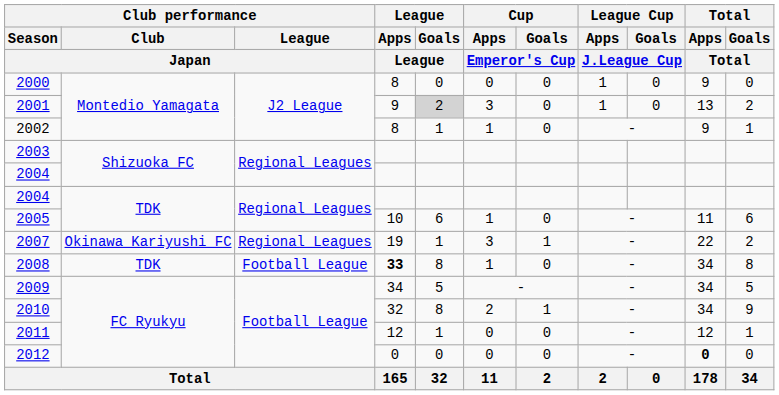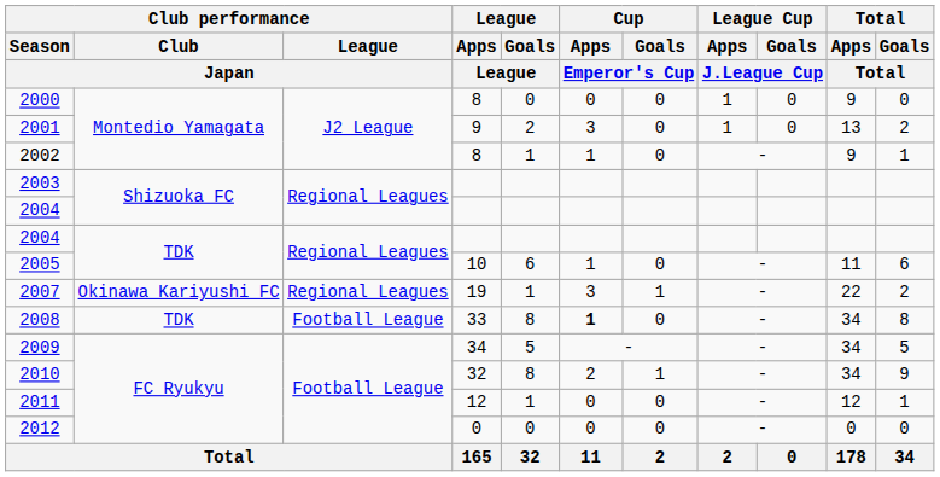 <table class="wikitable" style="text-align:center;">
 <tr>
 <th colspan=3>Club performance</th>
 <th colspan=2>League</th>
 <th colspan=2>Cup</th>
 <th colspan=2>League Cup</th>
 <th colspan=2>Total</th>
 </tr>
 <tr>
 <th>Season</th>
 <th>Club</th>
 <th>League</th>
 <th>Apps</th>
 <th>Goals</th>
 <th>Apps</th>
 <th>Goals</th>
 <th>Apps</th>
 <th>Goals</th>
 <th>Apps</th>
 <th>Goals</th>
 </tr>
 <tr>
 <th colspan=3>Japan</th>
 <th colspan=2>League</th>
 <th colspan=2><a href='#'>Emperor's Cup</a></th>
 <th colspan=2><a href='#'>J.League Cup</a></th>
 <th colspan=2>Total</th>
 </tr>
 <tr>
 <td><a href='#'>2000</a></td>
 <td rowspan="3"><a href='#'>Montedio Yamagata</a></td>
 <td rowspan="3"><a href='#'>J2 League</a></td>
 <td>8</td>
 <td>0</td>
 <td>0</td>
 <td>0</td>
 <td>1</td>
 <td>0</td>
 <td>9</td>
 <td>0</td>
 </tr>
 <tr>
 <td><a href='#'>2001</a></td>
 <td>9</td>
-<td style="background: lightgrey;">2</td>
+<td>2</td>
 <td>3</td>
 <td>0</td>
 <td>1</td>
 <td>0</td>
 <td>13</td>
 <td>2</td>
 </tr>
 <tr>
 <td>2002</td>
 <td>8</td>
 <td>1</td>
 <td>1</td>
 <td>0</td>
 <td colspan="2">-</td>
 <td>9</td>
 <td>1</td>
 </tr>
 <tr>
 <td><a href='#'>2003</a></td>
 <td rowspan="2"><a href='#'>Shizuoka FC</a></td>
 <td rowspan="2"><a href='#'>Regional Leagues</a></td>
 <td></td>
 <td></td>
 <td></td>
 <td></td>
 <td></td>
 <td></td>
 <td></td>
 <td></td>
 </tr>
 <tr>
 <td><a href='#'>2004</a></td>
 <td></td>
 <td></td>
 <td></td>
 <td></td>
 <td></td>
 <td></td>
 <td></td>
 <td></td>
 </tr>
 <tr>
 <td><a href='#'>2004</a></td>
 <td rowspan="2"><a href='#'>TDK</a></td>
 <td rowspan="2"><a href='#'>Regional Leagues</a></td>
 <td></td>
 <td></td>
 <td></td>
 <td></td>
 <td></td>
 <td></td>
 <td></td>
 <td></td>
 </tr>
 <tr>
 <td><a href='#'>2005</a></td>
 <td>10</td>
 <td>6</td>
 <td>1</td>
 <td>0</td>
 <td colspan="2">-</td>
 <td>11</td>
 <td>6</td>
 </tr>
 <tr>
 <td><a href='#'>2007</a></td>
 <td><a href='#'>Okinawa Kariyushi FC</a></td>
 <td><a href='#'>Regional Leagues</a></td>
 <td>19</td>
 <td>1</td>
 <td>3</td>
 <td>1</td>
 <td colspan="2">-</td>
 <td>22</td>
 <td>2</td>
 </tr>
 <tr>
 <td><a href='#'>2008</a></td>
 <td><a href='#'>TDK</a></td>
 <td><a href='#'>Football League</a></td>
-<td><strong>33</strong></td>
+<td>33</td>
 <td>8</td>
-<td>1</td>
+<td><strong>1</strong></td>
 <td>0</td>
 <td colspan="2">-</td>
 <td>34</td>
 <td>8</td>
 </tr>
 <tr>
 <td><a href='#'>2009</a></td>
 <td rowspan="4"><a href='#'>FC Ryukyu</a></td>
 <td rowspan="4"><a href='#'>Football League</a></td>
 <td>34</td>
 <td>5</td>
 <td colspan="2">-</td>
 <td colspan="2">-</td>
 <td>34</td>
 <td>5</td>
 </tr>
 <tr>
 <td><a href='#'>2010</a></td>
 <td>32</td>
 <td>8</td>
 <td>2</td>
 <td>1</td>
 <td colspan="2">-</td>
 <td>34</td>
 <td>9</td>
 </tr>
 <tr>
 <td><a href='#'>2011</a></td>
 <td>12</td>
 <td>1</td>
 <td>0</td>
 <td>0</td>
 <td colspan="2">-</td>
 <td>12</td>
 <td>1</td>
 </tr>
 <tr>
 <td><a href='#'>2012</a></td>
 <td>0</td>
 <td>0</td>
 <td>0</td>
 <td>0</td>
 <td colspan="2">-</td>
-<td><strong>0</strong></td>
+<td>0</td>
 <td>0</td>
 </tr>
 <tr>
 <th colspan=3>Total</th>
 <th>165</th>
 <th>32</th>
 <th>11</th>
 <th>2</th>
 <th>2</th>
 <th>0</th>
 <th>178</th>
 <th>34</th>
 </tr>
 </table>
